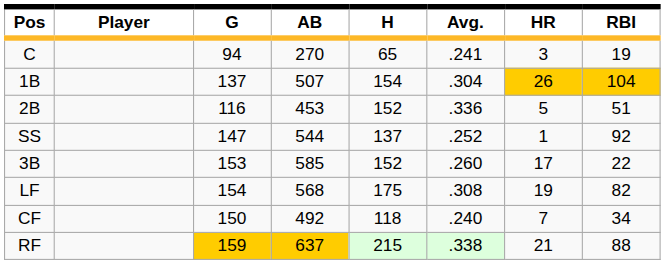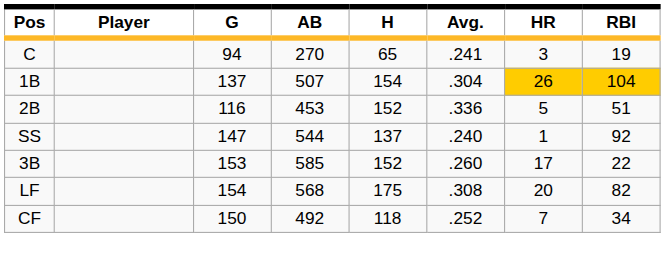 <table class="wikitable sortable">
 <tr>
 <th style="background:#FFFFFF; border-top:#000000 5px solid; border-bottom:#FDB827 5px solid;" width="5%">Pos</th>
 <th style="background:#FFFFFF; border-top:#000000 5px solid; border-bottom:#FDB827 5px solid;" width="16%">Player</th>
 <th style="background:#FFFFFF; border-top:#000000 5px solid; border-bottom:#FDB827 5px solid;" width="9%">G</th>
 <th style="background:#FFFFFF; border-top:#000000 5px solid; border-bottom:#FDB827 5px solid;" width="9%">AB</th>
 <th style="background:#FFFFFF; border-top:#000000 5px solid; border-bottom:#FDB827 5px solid;" width="9%">H</th>
 <th style="background:#FFFFFF; border-top:#000000 5px solid; border-bottom:#FDB827 5px solid;" width="9%">Avg.</th>
 <th style="background:#FFFFFF; border-top:#000000 5px solid; border-bottom:#FDB827 5px solid;" width="9%">HR</th>
 <th style="background:#FFFFFF; border-top:#000000 5px solid; border-bottom:#FDB827 5px solid;" width="9%">RBI</th>
 </tr>
 <tr align="center">
 <td>C</td>
 <td></td>
 <td>94</td>
 <td>270</td>
 <td>65</td>
 <td>.241</td>
 <td>3</td>
 <td>19</td>
 </tr>
 <tr align="center">
 <td>1B</td>
 <td></td>
 <td>137</td>
 <td>507</td>
 <td>154</td>
 <td>.304</td>
 <td style="background:#fc0;">26</td>
 <td style="background:#fc0;">104</td>
 </tr>
 <tr align="center">
 <td>2B</td>
 <td></td>
 <td>116</td>
 <td>453</td>
 <td>152</td>
 <td>.336</td>
 <td>5</td>
 <td>51</td>
 </tr>
 <tr align="center">
 <td>SS</td>
 <td></td>
 <td>147</td>
 <td>544</td>
 <td>137</td>
-<td>.252</td>
+<td>.240</td>
 <td>1</td>
 <td>92</td>
 </tr>
 <tr align="center">
 <td>3B</td>
 <td></td>
 <td>153</td>
 <td>585</td>
 <td>152</td>
 <td>.260</td>
 <td>17</td>
 <td>22</td>
 </tr>
 <tr align="center">
 <td>LF</td>
 <td></td>
 <td>154</td>
 <td>568</td>
 <td>175</td>
 <td>.308</td>
-<td>19</td>
+<td>20</td>
 <td>82</td>
 </tr>
 <tr align="center">
 <td>CF</td>
 <td></td>
 <td>150</td>
 <td>492</td>
 <td>118</td>
-<td>.240</td>
+<td>.252</td>
 <td>7</td>
 <td>34</td>
 </tr>
-<tr align="center">
-<td>RF</td>
-<td></td>
-<td style="background:#fc0;">159</td>
-<td style="background:#fc0;">637</td>
-<td style="background:#DDFFDD;">215</td>
-<td style="background:#DDFFDD;">.338</td>
-<td>21</td>
-<td>88</td>
-</tr>
 </table>
